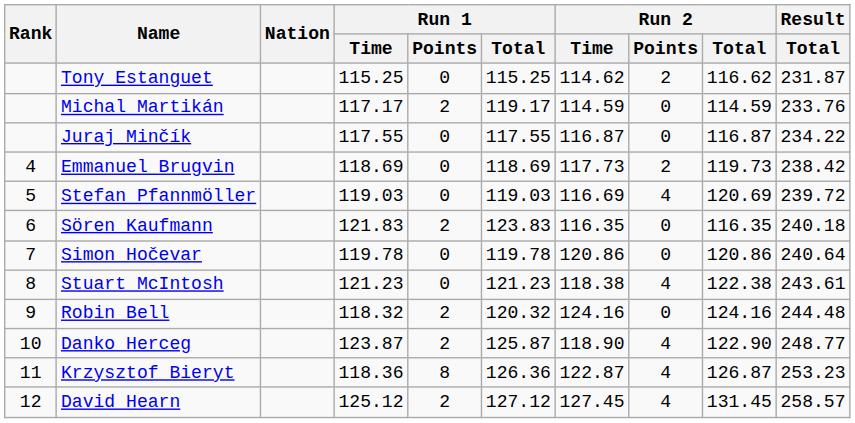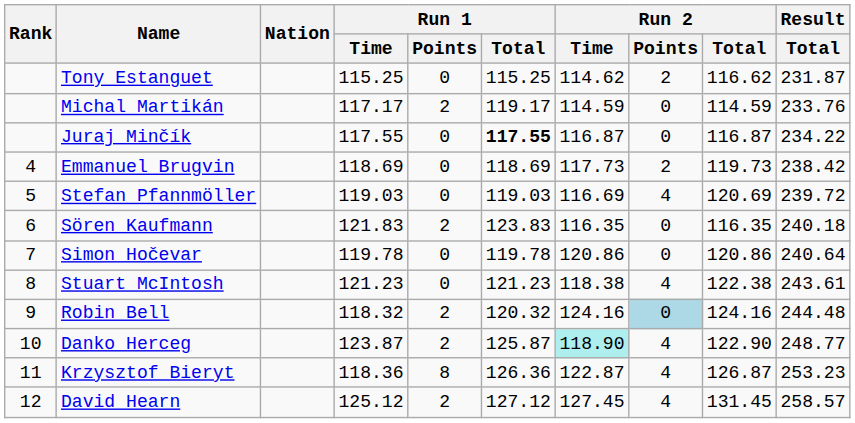 <table class="wikitable sortable" style="text-align:center">
 <tr>
 <th rowspan=2>Rank</th>
 <th rowspan=2>Name</th>
 <th rowspan=2>Nation</th>
 <th colspan=3>Run 1</th>
 <th colspan=3>Run 2</th>
 <th>Result</th>
 </tr>
 <tr>
 <th>Time</th>
 <th>Points</th>
 <th>Total</th>
 <th>Time</th>
 <th>Points</th>
 <th>Total</th>
 <th>Total</th>
 </tr>
 <tr>
 <td></td>
 <td align=left><a href='#'>Tony Estanguet</a></td>
 <td align=left></td>
 <td>115.25</td>
 <td>0</td>
 <td>115.25</td>
 <td>114.62</td>
 <td>2</td>
 <td>116.62</td>
 <td>231.87</td>
 </tr>
 <tr>
 <td></td>
 <td align=left><a href='#'>Michal Martikán</a></td>
 <td align=left></td>
 <td>117.17</td>
 <td>2</td>
 <td>119.17</td>
 <td>114.59</td>
 <td>0</td>
 <td>114.59</td>
 <td>233.76</td>
 </tr>
 <tr>
 <td></td>
 <td align=left><a href='#'>Juraj Minčík</a></td>
 <td align=left></td>
 <td>117.55</td>
 <td>0</td>
-<td>117.55</td>
+<td><strong>117.55</strong></td>
 <td>116.87</td>
 <td>0</td>
 <td>116.87</td>
 <td>234.22</td>
 </tr>
 <tr>
 <td>4</td>
 <td align=left><a href='#'>Emmanuel Brugvin</a></td>
 <td align=left></td>
 <td>118.69</td>
 <td>0</td>
 <td>118.69</td>
 <td>117.73</td>
 <td>2</td>
 <td>119.73</td>
 <td>238.42</td>
 </tr>
 <tr>
 <td>5</td>
 <td align=left><a href='#'>Stefan Pfannmöller</a></td>
 <td align=left></td>
 <td>119.03</td>
 <td>0</td>
 <td>119.03</td>
 <td>116.69</td>
 <td>4</td>
 <td>120.69</td>
 <td>239.72</td>
 </tr>
 <tr>
 <td>6</td>
 <td align=left><a href='#'>Sören Kaufmann</a></td>
 <td align=left></td>
 <td>121.83</td>
 <td>2</td>
 <td>123.83</td>
 <td>116.35</td>
 <td>0</td>
 <td>116.35</td>
 <td>240.18</td>
 </tr>
 <tr>
 <td>7</td>
 <td align=left><a href='#'>Simon Hočevar</a></td>
 <td align=left></td>
 <td>119.78</td>
 <td>0</td>
 <td>119.78</td>
 <td>120.86</td>
 <td>0</td>
 <td>120.86</td>
 <td>240.64</td>
 </tr>
 <tr>
 <td>8</td>
 <td align=left><a href='#'>Stuart McIntosh</a></td>
 <td align=left></td>
 <td>121.23</td>
 <td>0</td>
 <td>121.23</td>
 <td>118.38</td>
 <td>4</td>
 <td>122.38</td>
 <td>243.61</td>
 </tr>
 <tr>
 <td>9</td>
 <td align=left><a href='#'>Robin Bell</a></td>
 <td align=left></td>
 <td>118.32</td>
 <td>2</td>
 <td>120.32</td>
 <td>124.16</td>
-<td>0</td>
+<td style="background: lightblue;">0</td>
 <td>124.16</td>
 <td>244.48</td>
 </tr>
 <tr>
 <td>10</td>
 <td align=left><a href='#'>Danko Herceg</a></td>
 <td align=left></td>
 <td>123.87</td>
 <td>2</td>
 <td>125.87</td>
-<td>118.90</td>
+<td style="background: paleturquoise;">118.90</td>
 <td>4</td>
 <td>122.90</td>
 <td>248.77</td>
 </tr>
 <tr>
 <td>11</td>
 <td align=left><a href='#'>Krzysztof Bieryt</a></td>
 <td align=left></td>
 <td>118.36</td>
 <td>8</td>
 <td>126.36</td>
 <td>122.87</td>
 <td>4</td>
 <td>126.87</td>
 <td>253.23</td>
 </tr>
 <tr>
 <td>12</td>
 <td align=left><a href='#'>David Hearn</a></td>
 <td align=left></td>
 <td>125.12</td>
 <td>2</td>
 <td>127.12</td>
 <td>127.45</td>
 <td>4</td>
 <td>131.45</td>
 <td>258.57</td>
 </tr>
 </table>
